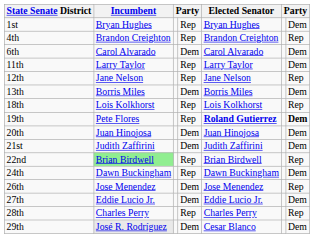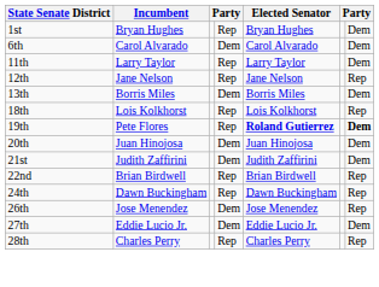 <table class="sortable wikitable" style="font-size:95%;line-height:14px;">
 <tr>
 <th class="unsortable"><a href='#'>State Senate</a> District</th>
 <th class="unsortable"><a href='#'>Incumbent</a></th>
 <th colspan="2">Party</th>
 <th class="unsortable">Elected Senator</th>
 <th colspan="2">Party</th>
 </tr>
 <tr>
 <td>1st</td>
 <td><a href='#'>Bryan Hughes</a></td>
 <td style="background:"></td>
 <td>Rep</td>
 <td><a href='#'>Bryan Hughes</a></td>
 <td style="background:"></td>
 <td>Dem</td>
-</tr>
-<tr>
-<td>4th</td>
-<td><a href='#'>Brandon Creighton</a></td>
-<td style="background:"></td>
-<td>Rep</td>
-<td><a href='#'>Brandon Creighton</a></td>
-<td style="background:"></td>
-<td>Rep</td>
 </tr>
 <tr>
 <td>6th</td>
 <td><a href='#'>Carol Alvarado</a></td>
 <td style="background:"></td>
 <td>Dem</td>
 <td><a href='#'>Carol Alvarado</a></td>
 <td style="background:"></td>
 <td>Dem</td>
 </tr>
 <tr>
 <td>11th</td>
 <td><a href='#'>Larry Taylor</a></td>
 <td style="background:"></td>
 <td>Rep</td>
 <td><a href='#'>Larry Taylor</a></td>
 <td style="background:"></td>
 <td>Dem</td>
 </tr>
 <tr>
 <td>12th</td>
 <td><a href='#'>Jane Nelson</a></td>
 <td style="background:"></td>
 <td>Rep</td>
 <td><a href='#'>Jane Nelson</a></td>
 <td style="background:"></td>
 <td>Rep</td>
 </tr>
 <tr>
 <td>13th</td>
 <td><a href='#'>Borris Miles</a></td>
 <td style="background:"></td>
 <td>Dem</td>
 <td><a href='#'>Borris Miles</a></td>
 <td style="background:"></td>
 <td>Dem</td>
 </tr>
 <tr>
 <td>18th</td>
 <td><a href='#'>Lois Kolkhorst</a></td>
 <td style="background:"></td>
 <td>Rep</td>
 <td><a href='#'>Lois Kolkhorst</a></td>
 <td style="background:"></td>
 <td>Rep</td>
 </tr>
 <tr>
 <td>19th</td>
 <td><a href='#'>Pete Flores</a></td>
 <td style="background:"></td>
 <td>Rep</td>
 <td><strong><a href='#'>Roland Gutierrez</a></strong></td>
 <td style="background:"></td>
 <td><strong>Dem</strong></td>
 </tr>
 <tr>
 <td>20th</td>
 <td><a href='#'>Juan Hinojosa</a></td>
 <td style="background:"></td>
 <td>Dem</td>
 <td><a href='#'>Juan Hinojosa</a></td>
 <td style="background:"></td>
 <td>Dem</td>
 </tr>
 <tr>
 <td>21st</td>
 <td><a href='#'>Judith Zaffirini</a></td>
 <td style="background:"></td>
 <td>Dem</td>
 <td><a href='#'>Judith Zaffirini</a></td>
 <td style="background:"></td>
 <td>Dem</td>
 </tr>
 <tr>
 <td>22nd</td>
-<td style="background: lightgreen;"><a href='#'>Brian Birdwell</a></td>
+<td><a href='#'>Brian Birdwell</a></td>
 <td style="background:"></td>
 <td>Rep</td>
 <td><a href='#'>Brian Birdwell</a></td>
 <td style="background:"></td>
 <td>Rep</td>
 </tr>
 <tr>
 <td>24th</td>
 <td><a href='#'>Dawn Buckingham</a></td>
 <td style="background:"></td>
 <td>Rep</td>
 <td><a href='#'>Dawn Buckingham</a></td>
 <td style="background:"></td>
-<td>Dem</td>
+<td>Rep</td>
 </tr>
 <tr>
 <td>26th</td>
 <td><a href='#'>Jose Menendez</a></td>
 <td style="background:"></td>
 <td>Dem</td>
 <td><a href='#'>Jose Menendez</a></td>
 <td style="background:"></td>
 <td>Rep</td>
 </tr>
 <tr>
 <td>27th</td>
 <td><a href='#'>Eddie Lucio Jr.</a></td>
 <td style="background:"></td>
 <td>Dem</td>
 <td><a href='#'>Eddie Lucio Jr.</a></td>
 <td style="background:"></td>
 <td>Dem</td>
 </tr>
 <tr>
 <td>28th</td>
 <td><a href='#'>Charles Perry</a></td>
 <td style="background:"></td>
 <td>Rep</td>
 <td><a href='#'>Charles Perry</a></td>
 <td style="background:"></td>
 <td>Rep</td>
 </tr>
-<tr>
-<td>29th</td>
-<td style="background:#E9E9E9;"><a href='#'>José R. Rodríguez</a></td>
-<td style="background:"></td>
-<td>Dem</td>
-<td><a href='#'>Cesar Blanco</a></td>
-<td style="background:"></td>
-<td>Dem</td>
-</tr>
 </table>
